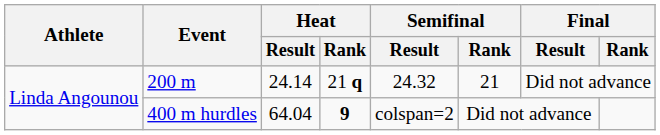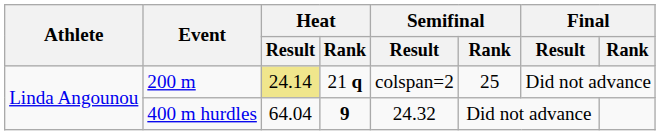 <table class="wikitable" style="font-size:90%; text-align:center">
 <tr>
 <th rowspan=2>Athlete</th>
 <th rowspan=2>Event</th>
 <th colspan=2>Heat</th>
 <th colspan=2>Semifinal</th>
 <th colspan=2>Final</th>
 </tr>
 <tr style="font-size:95%">
 <th>Result</th>
 <th>Rank</th>
 <th>Result</th>
 <th>Rank</th>
 <th>Result</th>
 <th>Rank</th>
 </tr>
 <tr>
 <td align=left rowspan=2><a href='#'>Linda Angounou</a></td>
 <td align=left rowspan=1><a href='#'>200 m</a></td>
-<td>24.14</td>
+<td style="background: khaki;">24.14</td>
 <td>21 <strong>q</strong></td>
-<td>24.32</td>
-<td>21</td>
+<td>colspan=2 </td>
+<td>25</td>
 <td colspan=2>Did not advance</td>
 </tr>
 <tr>
 <td align=left rowspan=1><a href='#'>400 m hurdles</a></td>
 <td>64.04</td>
 <td><strong>9</strong></td>
-<td>colspan=2 </td>
+<td>24.32</td>
 <td colspan=2>Did not advance</td>
 </tr>
 </table>
